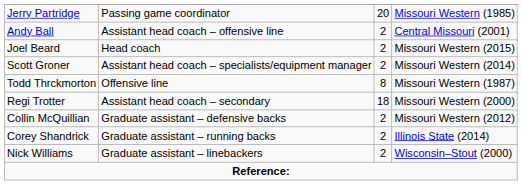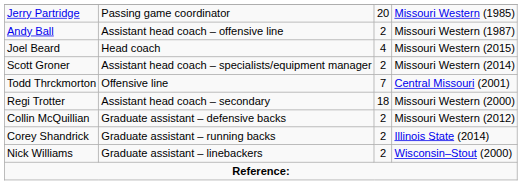 <table class="wikitable" border="1" style="font-size:90%;">
 <tr>
 </tr>
 <tr>
 <td><a href='#'>Jerry Partridge</a></td>
 <td>Passing game coordinator</td>
 <td align=center>20</td>
 <td><a href='#'>Missouri Western</a> (1985)</td>
 </tr>
 <tr>
 <td><a href='#'>Andy Ball</a></td>
 <td>Assistant head coach – offensive line</td>
 <td align=center>2</td>
-<td><a href='#'>Central Missouri</a> (2001)</td>
+<td>Missouri Western (1987)</td>
 </tr>
 <tr>
 <td>Joel Beard</td>
 <td>Head coach</td>
-<td align=center>2</td>
+<td align=center>4</td>
 <td>Missouri Western (2015)</td>
 </tr>
 <tr>
 <td>Scott Groner</td>
 <td>Assistant head coach – specialists/equipment manager</td>
 <td align=center>2</td>
 <td>Missouri Western (2014)</td>
 </tr>
 <tr>
 <td>Todd Thrckmorton</td>
 <td>Offensive line</td>
-<td align=center>8</td>
-<td>Missouri Western (1987)</td>
+<td align=center>7</td>
+<td><a href='#'>Central Missouri</a> (2001)</td>
 </tr>
 <tr>
 <td>Regi Trotter</td>
 <td>Assistant head coach – secondary</td>
 <td align=center>18</td>
 <td>Missouri Western (2000)</td>
 </tr>
 <tr>
 <td>Collin McQuillian</td>
 <td>Graduate assistant – defensive backs</td>
 <td align=center>2</td>
 <td>Missouri Western (2012)</td>
 </tr>
 <tr>
 <td>Corey Shandrick</td>
 <td>Graduate assistant – running backs</td>
 <td align=center>2</td>
 <td><a href='#'>Illinois State</a> (2014)</td>
 </tr>
 <tr>
 <td>Nick Williams</td>
 <td>Graduate assistant – linebackers</td>
 <td align=center>2</td>
 <td><a href='#'>Wisconsin–Stout</a> (2000)</td>
 </tr>
 <tr align="center">
 <td colspan=4><strong>Reference:</strong></td>
 </tr>
 </table>
